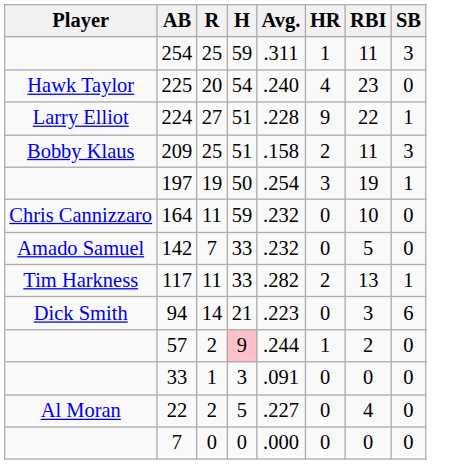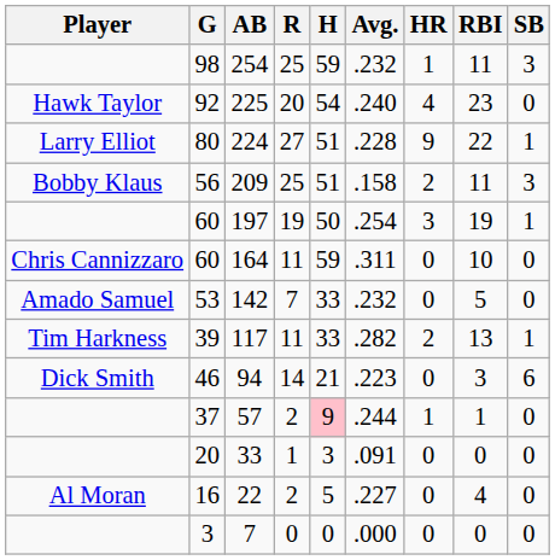 <table class="wikitable sortable">
 <tr>
 <th>Player</th>
+<th>G</th>
 <th>AB</th>
 <th>R</th>
 <th>H</th>
 <th>Avg.</th>
 <th>HR</th>
 <th>RBI</th>
 <th>SB</th>
 </tr>
 <tr align="center">
 <td></td>
+<td>98</td>
 <td>254</td>
 <td>25</td>
 <td>59</td>
-<td>.311</td>
+<td>.232</td>
 <td>1</td>
 <td>11</td>
 <td>3</td>
 </tr>
 <tr align="center">
 <td><a href='#'>Hawk Taylor</a></td>
+<td>92</td>
 <td>225</td>
 <td>20</td>
 <td>54</td>
 <td>.240</td>
 <td>4</td>
 <td>23</td>
 <td>0</td>
 </tr>
 <tr align="center">
 <td><a href='#'>Larry Elliot</a></td>
+<td>80</td>
 <td>224</td>
 <td>27</td>
 <td>51</td>
 <td>.228</td>
 <td>9</td>
 <td>22</td>
 <td>1</td>
 </tr>
 <tr align="center">
 <td><a href='#'>Bobby Klaus</a></td>
+<td>56</td>
 <td>209</td>
 <td>25</td>
 <td>51</td>
 <td>.158</td>
 <td>2</td>
 <td>11</td>
 <td>3</td>
 </tr>
 <tr align="center">
 <td></td>
+<td>60</td>
 <td>197</td>
 <td>19</td>
 <td>50</td>
 <td>.254</td>
 <td>3</td>
 <td>19</td>
 <td>1</td>
 </tr>
 <tr align="center">
 <td><a href='#'>Chris Cannizzaro</a></td>
+<td>60</td>
 <td>164</td>
 <td>11</td>
 <td>59</td>
-<td>.232</td>
+<td>.311</td>
 <td>0</td>
 <td>10</td>
 <td>0</td>
 </tr>
 <tr align="center">
 <td><a href='#'>Amado Samuel</a></td>
+<td>53</td>
 <td>142</td>
 <td>7</td>
 <td>33</td>
 <td>.232</td>
 <td>0</td>
 <td>5</td>
 <td>0</td>
 </tr>
 <tr align="center">
 <td><a href='#'>Tim Harkness</a></td>
+<td>39</td>
 <td>117</td>
 <td>11</td>
 <td>33</td>
 <td>.282</td>
 <td>2</td>
 <td>13</td>
 <td>1</td>
 </tr>
 <tr align="center">
 <td><a href='#'>Dick Smith</a></td>
+<td>46</td>
 <td>94</td>
 <td>14</td>
 <td>21</td>
 <td>.223</td>
 <td>0</td>
 <td>3</td>
 <td>6</td>
 </tr>
 <tr align="center">
 <td></td>
+<td>37</td>
 <td>57</td>
 <td>2</td>
 <td style="background: pink;">9</td>
 <td>.244</td>
 <td>1</td>
-<td>2</td>
+<td>1</td>
 <td>0</td>
 </tr>
 <tr align="center">
 <td></td>
+<td>20</td>
 <td>33</td>
 <td>1</td>
 <td>3</td>
 <td>.091</td>
 <td>0</td>
 <td>0</td>
 <td>0</td>
 </tr>
 <tr align="center">
 <td><a href='#'>Al Moran</a></td>
+<td>16</td>
 <td>22</td>
 <td>2</td>
 <td>5</td>
 <td>.227</td>
 <td>0</td>
 <td>4</td>
 <td>0</td>
 </tr>
 <tr align="center">
 <td></td>
+<td>3</td>
 <td>7</td>
 <td>0</td>
 <td>0</td>
 <td>.000</td>
 <td>0</td>
 <td>0</td>
 <td>0</td>
 </tr>
 </table>
